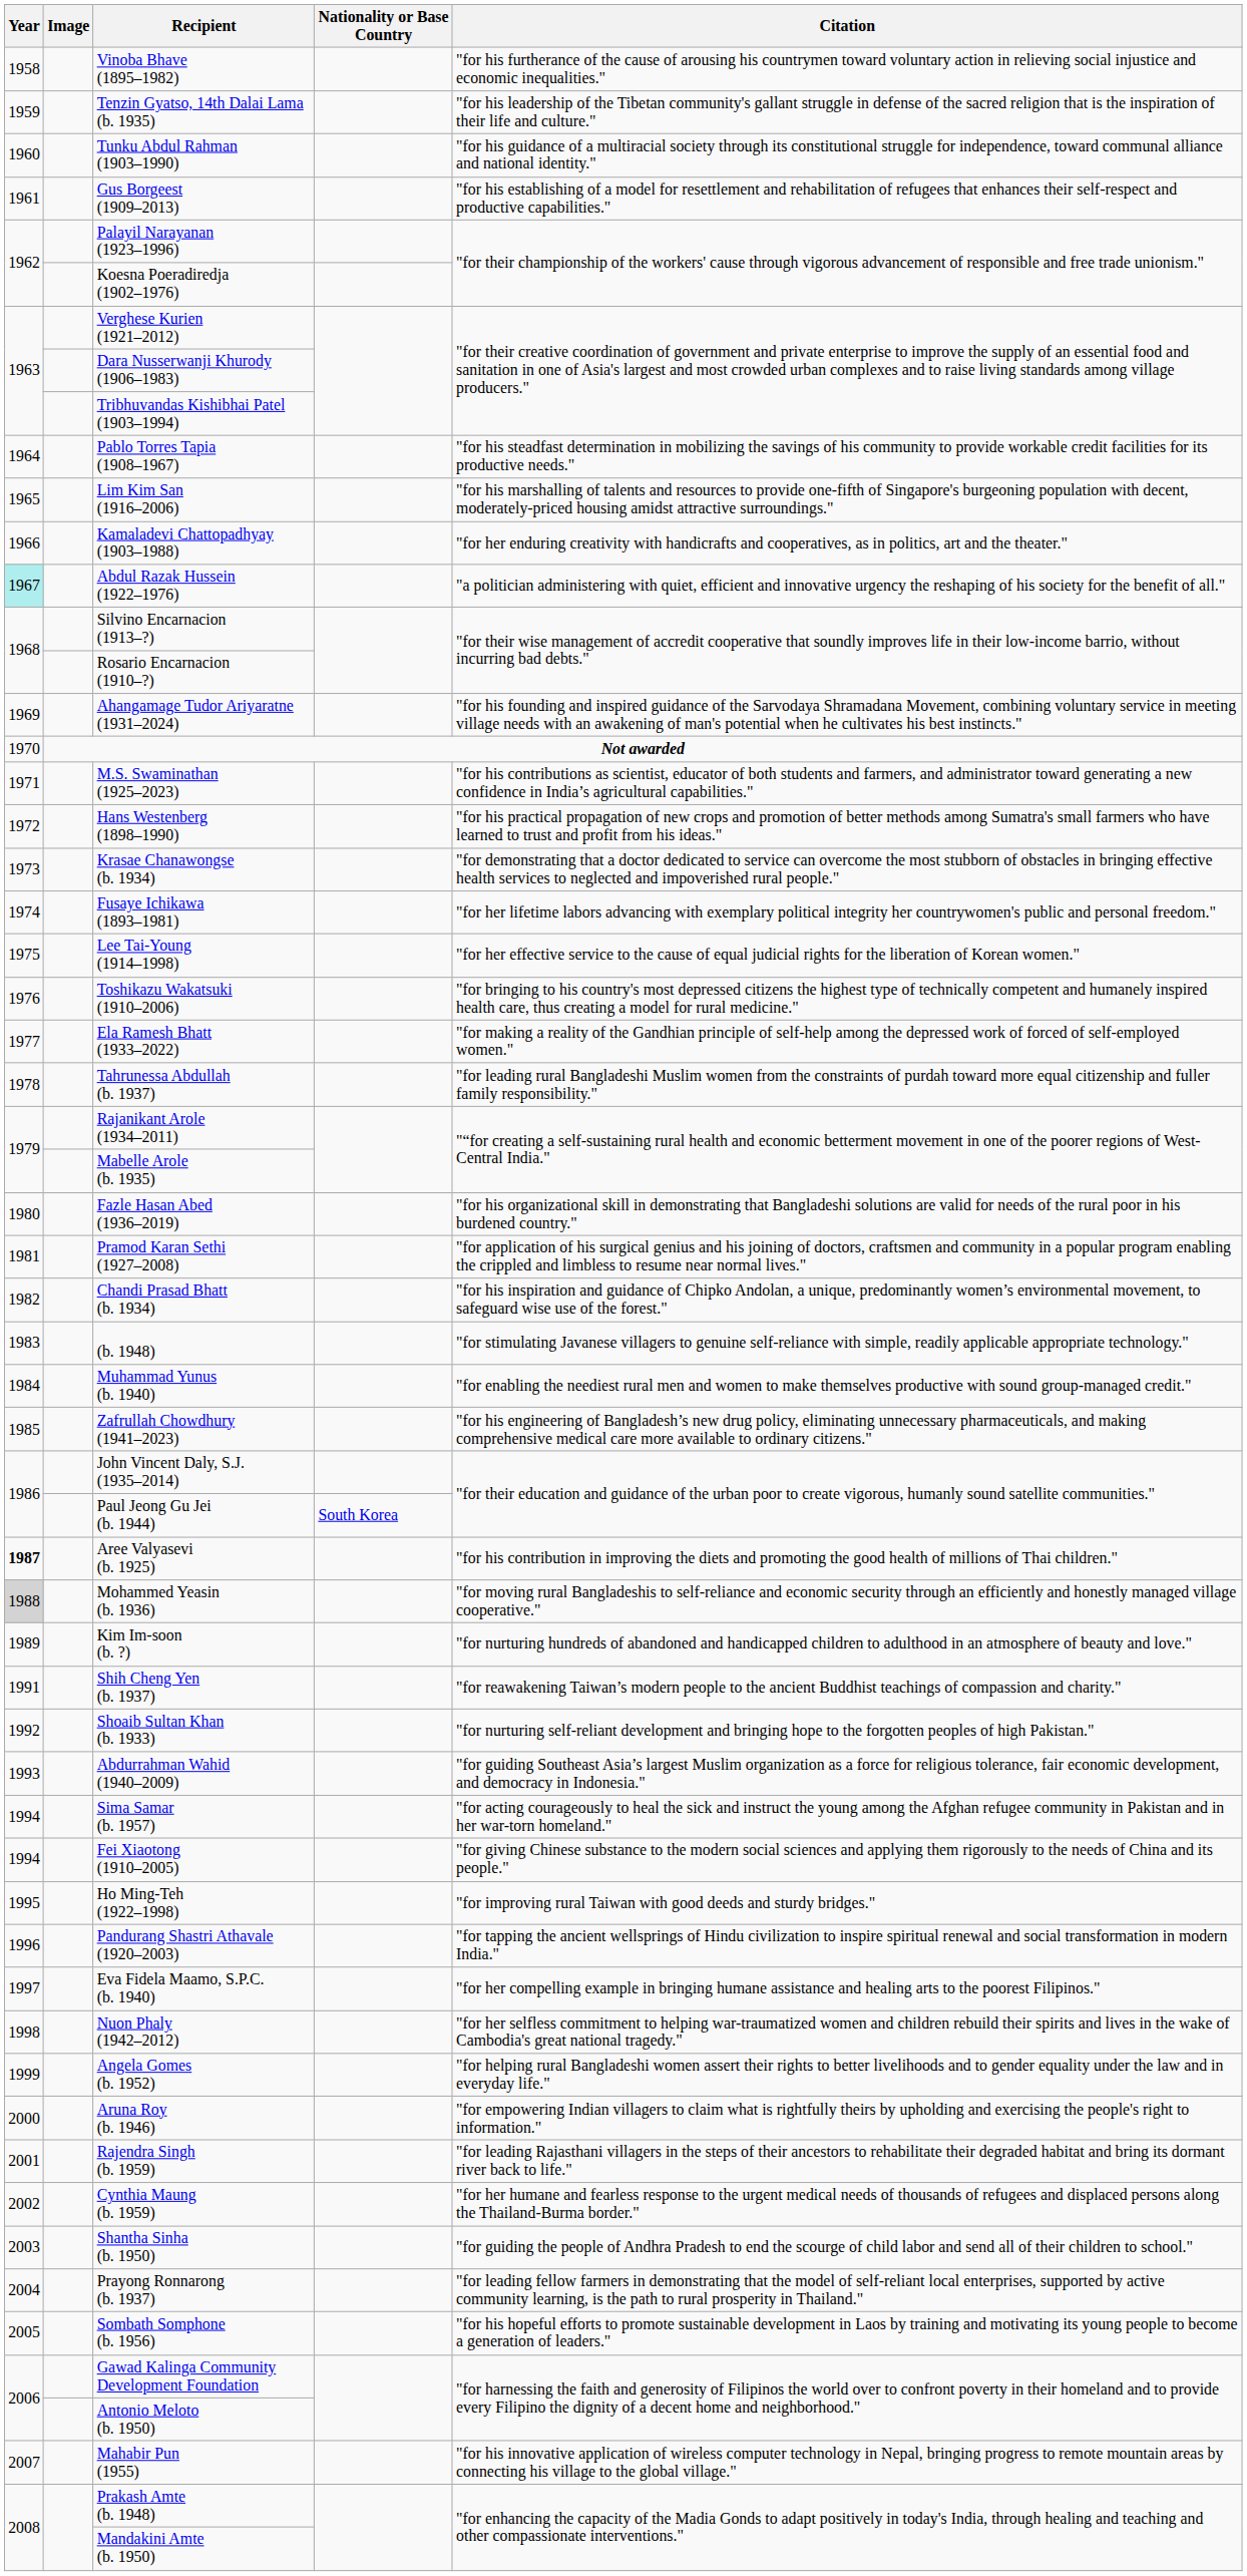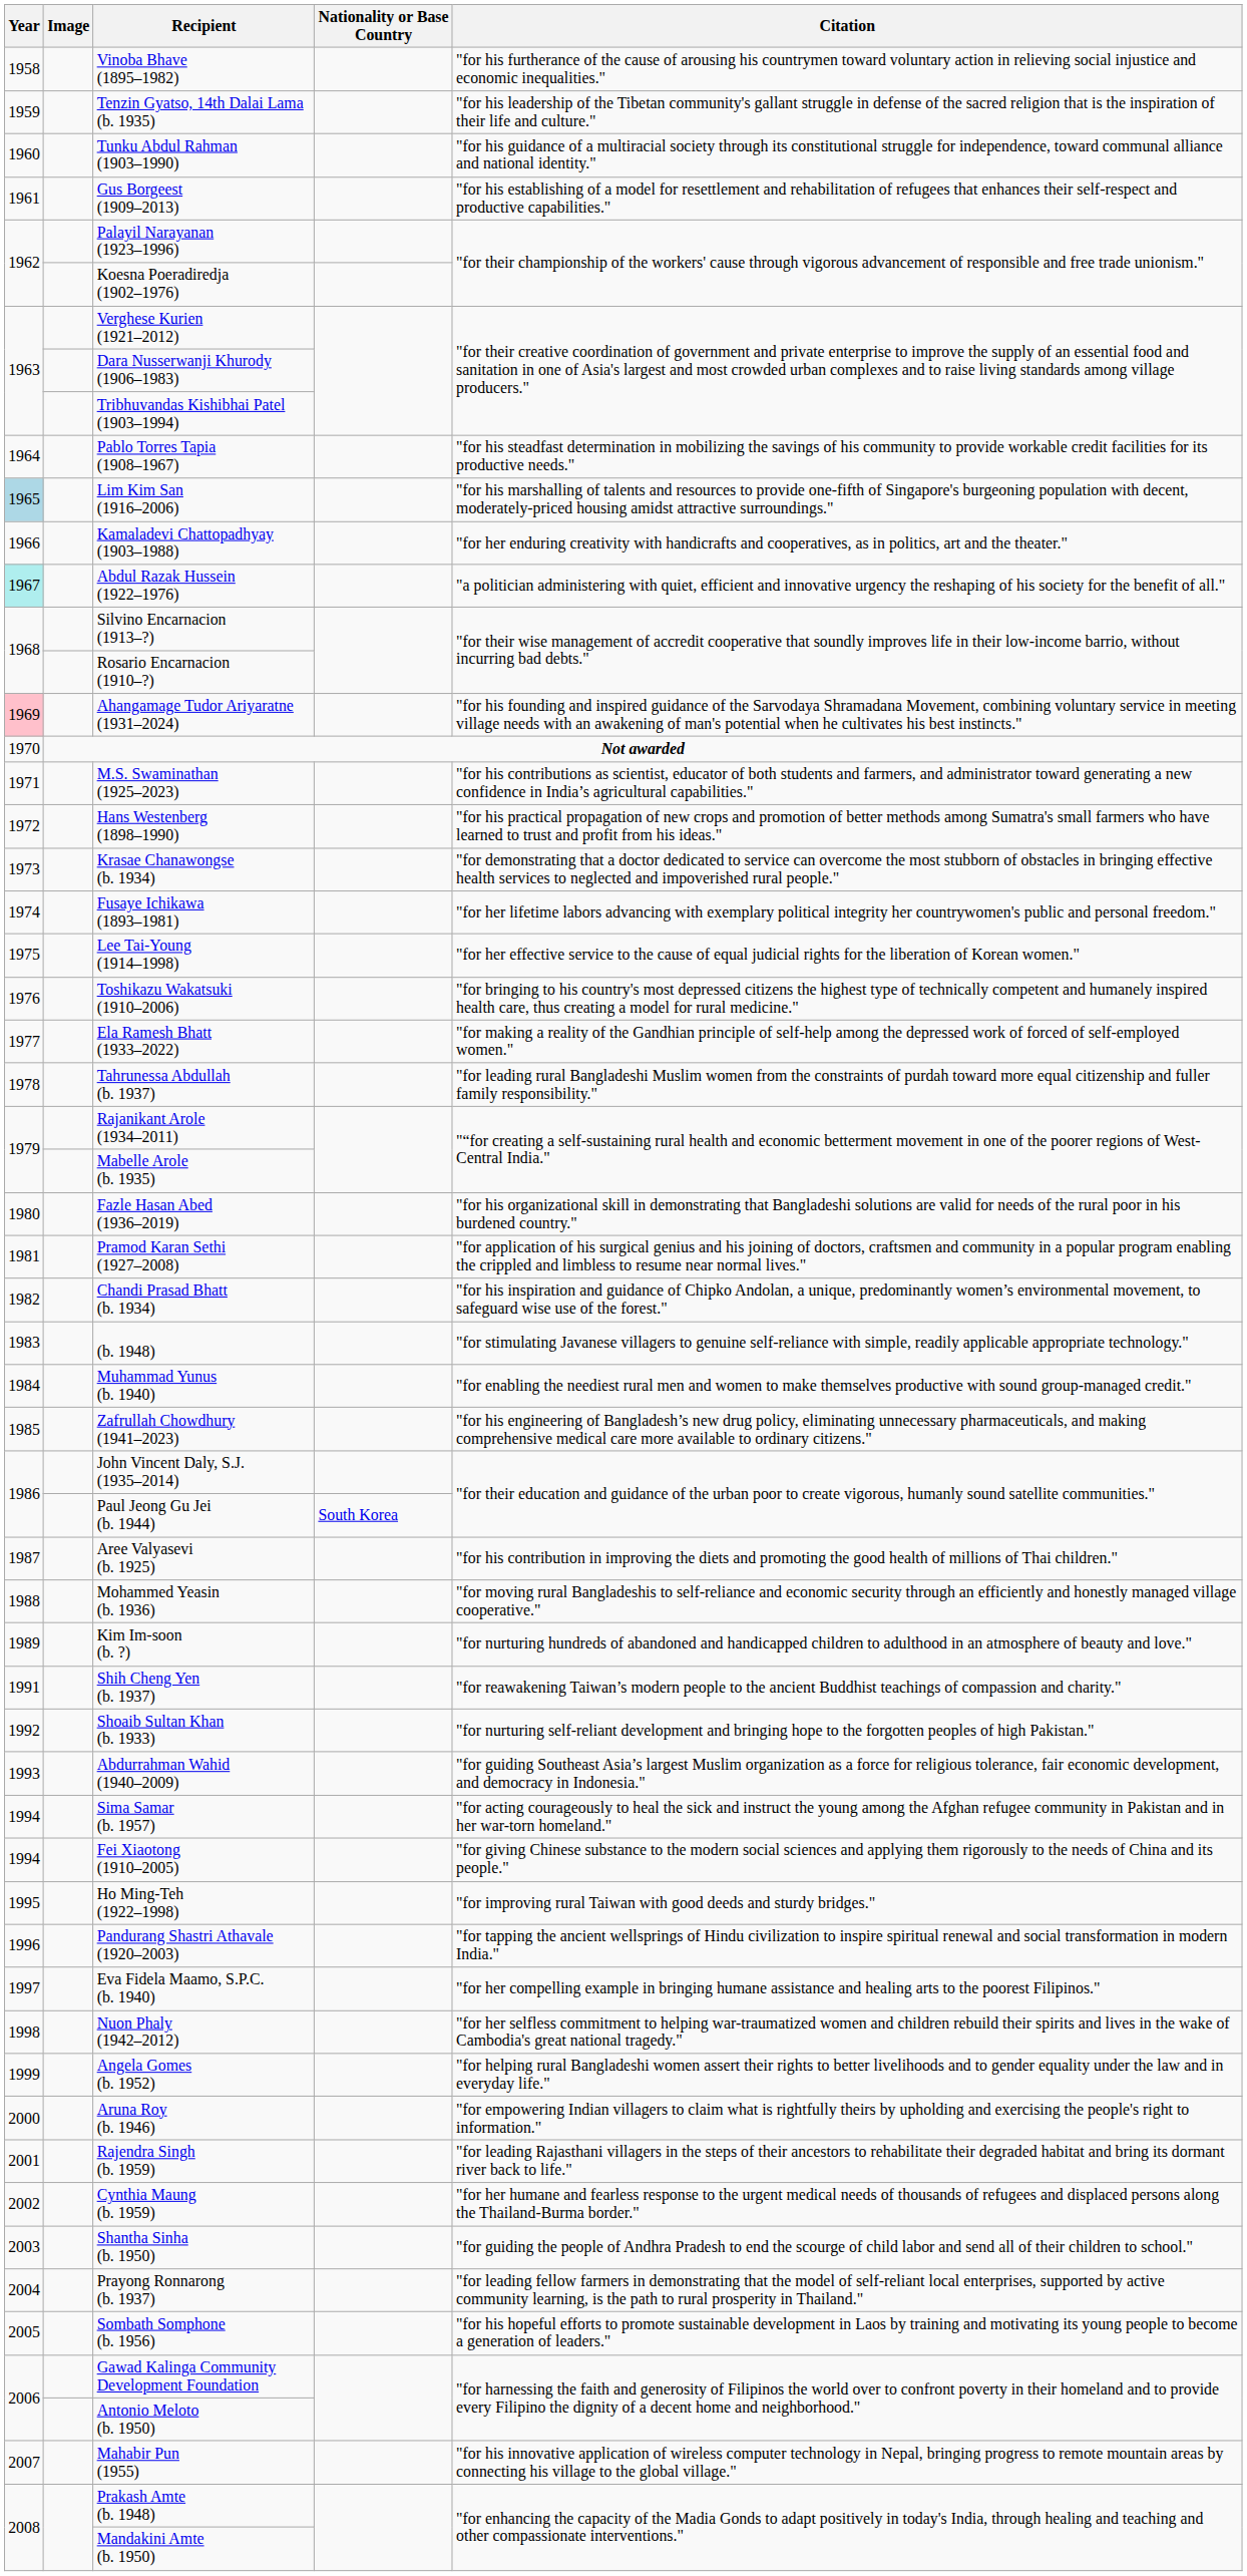 <table class="wikitable sortable" border="1">
 <tr>
 <th>Year</th>
 <th>Image</th>
 <th>Recipient</th>
 <th>Nationality or Base Country</th>
 <th>Citation</th>
 </tr>
 <tr>
 <td>1958</td>
 <td></td>
 <td><a href='#'>Vinoba Bhave</a><br>(1895–1982)</td>
 <td></td>
 <td>"for his furtherance of the cause of arousing his countrymen toward voluntary action in relieving social injustice and economic inequalities."</td>
 </tr>
 <tr>
 <td>1959</td>
 <td></td>
 <td><a href='#'>Tenzin Gyatso, 14th Dalai Lama</a><br>(b. 1935)</td>
 <td></td>
 <td>"for his leadership of the Tibetan community's gallant struggle in defense of the sacred religion that is the inspiration of their life and culture."</td>
 </tr>
 <tr>
 <td>1960</td>
 <td></td>
 <td><a href='#'>Tunku Abdul Rahman</a><br>(1903–1990)</td>
 <td></td>
 <td>"for his guidance of a multiracial society through its constitutional struggle for independence, toward communal alliance and national identity."</td>
 </tr>
 <tr>
 <td>1961</td>
 <td></td>
 <td><a href='#'>Gus Borgeest</a><br>(1909–2013)</td>
 <td><br></td>
 <td>"for his establishing of a model for resettlement and rehabilitation of refugees that enhances their self-respect and productive capabilities."</td>
 </tr>
 <tr>
 <td rowspan="2">1962</td>
 <td></td>
 <td><a href='#'>Palayil Narayanan</a><br>(1923–1996)</td>
 <td></td>
 <td rowspan="2">"for their championship of the workers' cause through vigorous advancement of responsible and free trade unionism."</td>
 </tr>
 <tr>
 <td></td>
 <td>Koesna Poeradiredja<br>(1902–1976)</td>
 <td></td>
 </tr>
 <tr>
 <td rowspan="3">1963</td>
 <td></td>
 <td><a href='#'>Verghese Kurien</a><br>(1921–2012)</td>
 <td rowspan="3"></td>
 <td rowspan="3">"for their creative coordination of government and private enterprise to improve the supply of an essential food and sanitation in one of Asia's largest and most crowded urban complexes and to raise living standards among village producers."</td>
 </tr>
 <tr>
 <td></td>
 <td><a href='#'>Dara Nusserwanji Khurody</a><br>(1906–1983)</td>
 </tr>
 <tr>
 <td></td>
 <td><a href='#'>Tribhuvandas Kishibhai Patel</a><br>(1903–1994)</td>
 </tr>
 <tr>
 <td>1964</td>
 <td></td>
 <td><a href='#'>Pablo Torres Tapia</a><br>(1908–1967)</td>
 <td></td>
 <td>"for his steadfast determination in mobilizing the savings of his community to provide workable credit facilities for its productive needs."</td>
 </tr>
 <tr>
-<td>1965</td>
+<td style="background: lightblue;">1965</td>
 <td></td>
 <td><a href='#'>Lim Kim San</a><br>(1916–2006)</td>
 <td></td>
 <td>"for his marshalling of talents and resources to provide one-fifth of Singapore's burgeoning population with decent, moderately-priced housing amidst attractive surroundings."</td>
 </tr>
 <tr>
 <td>1966</td>
 <td></td>
 <td><a href='#'>Kamaladevi Chattopadhyay</a><br>(1903–1988)</td>
 <td></td>
 <td>"for her enduring creativity with handicrafts and cooperatives, as in politics, art and the theater."</td>
 </tr>
 <tr>
 <td style="background: paleturquoise;">1967</td>
 <td></td>
 <td><a href='#'>Abdul Razak Hussein</a><br>(1922–1976)</td>
 <td></td>
 <td>"a politician administering with quiet, efficient and innovative urgency the reshaping of his society for the benefit of all."</td>
 </tr>
 <tr>
 <td rowspan="2">1968</td>
 <td></td>
 <td>Silvino Encarnacion<br>(1913–?)</td>
 <td rowspan="2"></td>
 <td rowspan="2">"for their wise management of accredit cooperative that soundly improves life in their low-income barrio, without incurring bad debts."</td>
 </tr>
 <tr>
 <td></td>
 <td>Rosario Encarnacion<br>(1910–?)</td>
 </tr>
 <tr>
-<td>1969</td>
+<td style="background: pink;">1969</td>
 <td></td>
 <td><a href='#'>Ahangamage Tudor Ariyaratne</a><br>(1931–2024)</td>
 <td></td>
 <td>"for his founding and inspired guidance of the Sarvodaya Shramadana Movement, combining voluntary service in meeting village needs with an awakening of man's potential when he cultivates his best instincts."</td>
 </tr>
 <tr>
 <td>1970</td>
 <td colspan="4" align="center"><strong><em>Not awarded</em></strong></td>
 </tr>
 <tr>
 <td>1971</td>
 <td></td>
 <td><a href='#'>M.S. Swaminathan</a><br>(1925–2023)</td>
 <td></td>
 <td>"for his contributions as scientist, educator of both students and farmers, and administrator toward generating a new confidence in India’s agricultural capabilities."</td>
 </tr>
 <tr>
 <td>1972</td>
 <td></td>
 <td><a href='#'>Hans Westenberg</a><br>(1898–1990)</td>
 <td><br></td>
 <td>"for his practical propagation of new crops and promotion of better methods among Sumatra's small farmers who have learned to trust and profit from his ideas."</td>
 </tr>
 <tr>
 <td>1973</td>
 <td></td>
 <td><a href='#'>Krasae Chanawongse</a><br>(b. 1934)</td>
 <td></td>
 <td>"for demonstrating that a doctor dedicated to service can overcome the most stubborn of obstacles in bringing effective health services to neglected and impoverished rural people."</td>
 </tr>
 <tr>
 <td>1974</td>
 <td></td>
 <td><a href='#'>Fusaye Ichikawa</a><br>(1893–1981)</td>
 <td></td>
 <td>"for her lifetime labors advancing with exemplary political integrity her countrywomen's public and personal freedom."</td>
 </tr>
 <tr>
 <td>1975</td>
 <td></td>
 <td><a href='#'>Lee Tai-Young</a><br>(1914–1998)</td>
 <td></td>
 <td>"for her effective service to the cause of equal judicial rights for the liberation of Korean women."</td>
 </tr>
 <tr>
 <td>1976</td>
 <td></td>
 <td><a href='#'>Toshikazu Wakatsuki</a><br>(1910–2006)</td>
 <td></td>
 <td>"for bringing to his country's most depressed citizens the highest type of technically competent and humanely inspired health care, thus creating a model for rural medicine."</td>
 </tr>
 <tr>
 <td>1977</td>
 <td></td>
 <td><a href='#'>Ela Ramesh Bhatt</a><br>(1933–2022)</td>
 <td></td>
 <td>"for making a reality of the Gandhian principle of self-help among the depressed work of forced of self-employed women."</td>
 </tr>
 <tr>
 <td>1978</td>
 <td></td>
 <td><a href='#'>Tahrunessa Abdullah</a><br>(b. 1937)</td>
 <td></td>
 <td>"for leading rural Bangladeshi Muslim women from the constraints of purdah toward more equal citizenship and fuller family responsibility."</td>
 </tr>
 <tr>
 <td rowspan="2">1979</td>
 <td></td>
 <td><a href='#'>Rajanikant Arole</a><br>(1934–2011)</td>
 <td rowspan="2"></td>
 <td rowspan="2">"“for creating a self-sustaining rural health and economic betterment movement in one of the poorer regions of West-Central India."</td>
 </tr>
 <tr>
 <td></td>
 <td><a href='#'>Mabelle Arole</a><br>(b. 1935)</td>
 </tr>
 <tr>
 <td>1980</td>
 <td></td>
 <td><a href='#'>Fazle Hasan Abed</a><br>(1936–2019)</td>
 <td></td>
 <td>"for his organizational skill in demonstrating that Bangladeshi solutions are valid for needs of the rural poor in his burdened country."</td>
 </tr>
 <tr>
 <td>1981</td>
 <td></td>
 <td><a href='#'>Pramod Karan Sethi</a><br>(1927–2008)</td>
 <td></td>
 <td>"for application of his surgical genius and his joining of doctors, craftsmen and community in a popular program enabling the crippled and limbless to resume near normal lives."</td>
 </tr>
 <tr>
 <td>1982</td>
 <td></td>
 <td><a href='#'>Chandi Prasad Bhatt</a><br>(b. 1934)</td>
 <td></td>
 <td>"for his inspiration and guidance of Chipko Andolan, a unique, predominantly women’s environmental movement, to safeguard wise use of the forest."</td>
 </tr>
 <tr>
 <td>1983</td>
 <td></td>
 <td><br>(b. 1948)</td>
 <td></td>
 <td>"for stimulating Javanese villagers to genuine self-reliance with simple, readily applicable appropriate technology."</td>
 </tr>
 <tr>
 <td>1984</td>
 <td></td>
 <td><a href='#'>Muhammad Yunus</a><br>(b. 1940)</td>
 <td></td>
 <td>"for enabling the neediest rural men and women to make themselves productive with sound group-managed credit."</td>
 </tr>
 <tr>
 <td>1985</td>
 <td></td>
 <td><a href='#'>Zafrullah Chowdhury</a><br>(1941–2023)</td>
 <td></td>
 <td>"for his engineering of Bangladesh’s new drug policy, eliminating unnecessary pharmaceuticals, and making comprehensive medical care more available to ordinary citizens."</td>
 </tr>
 <tr>
 <td rowspan="2">1986</td>
 <td></td>
 <td>John Vincent Daly, S.J.<br>(1935–2014)</td>
 <td><br></td>
 <td rowspan="2">"for their education and guidance of the urban poor to create vigorous, humanly sound satellite communities."</td>
 </tr>
 <tr>
 <td></td>
 <td>Paul Jeong Gu Jei<br>(b. 1944)</td>
 <td><a href='#'>South Korea</a></td>
 </tr>
 <tr>
-<td><strong>1987</strong></td>
+<td>1987</td>
 <td></td>
 <td>Aree Valyasevi<br>(b. 1925)</td>
 <td></td>
 <td>"for his contribution in improving the diets and promoting the good health of millions of Thai children."</td>
 </tr>
 <tr>
-<td style="background: lightgrey;">1988</td>
+<td>1988</td>
 <td></td>
 <td>Mohammed Yeasin<br>(b. 1936)</td>
 <td></td>
 <td>"for moving rural Bangladeshis to self-reliance and economic security through an efficiently and honestly managed village cooperative."</td>
 </tr>
 <tr>
 <td>1989</td>
 <td></td>
 <td>Kim Im-soon<br>(b. ?)</td>
 <td></td>
 <td>"for nurturing hundreds of abandoned and handicapped children to adulthood in an atmosphere of beauty and love."</td>
 </tr>
 <tr>
 <td>1991</td>
 <td></td>
 <td><a href='#'>Shih Cheng Yen</a><br>(b. 1937)</td>
 <td></td>
 <td>"for reawakening Taiwan’s modern people to the ancient Buddhist teachings of compassion and charity."</td>
 </tr>
 <tr>
 <td>1992</td>
 <td></td>
 <td><a href='#'>Shoaib Sultan Khan</a><br>(b. 1933)</td>
 <td></td>
 <td>"for nurturing self-reliant development and bringing hope to the forgotten peoples of high Pakistan."</td>
 </tr>
 <tr>
 <td>1993</td>
 <td></td>
 <td><a href='#'>Abdurrahman Wahid</a><br>(1940–2009)</td>
 <td></td>
 <td>"for guiding Southeast Asia’s largest Muslim organization as a force for religious tolerance, fair economic development, and democracy in Indonesia."</td>
 </tr>
 <tr>
 <td>1994</td>
 <td></td>
 <td><a href='#'>Sima Samar</a><br>(b. 1957)</td>
 <td></td>
 <td>"for acting courageously to heal the sick and instruct the young among the Afghan refugee community in Pakistan and in her war-torn homeland."</td>
 </tr>
 <tr>
 <td>1994</td>
 <td></td>
 <td><a href='#'>Fei Xiaotong</a><br>(1910–2005)</td>
 <td></td>
 <td>"for giving Chinese substance to the modern social sciences and applying them rigorously to the needs of China and its people."</td>
 </tr>
 <tr>
 <td>1995</td>
 <td></td>
 <td>Ho Ming-Teh<br>(1922–1998)</td>
 <td></td>
 <td>"for improving rural Taiwan with good deeds and sturdy bridges."</td>
 </tr>
 <tr>
 <td>1996</td>
 <td></td>
 <td><a href='#'>Pandurang Shastri Athavale</a><br>(1920–2003)</td>
 <td></td>
 <td>"for tapping the ancient wellsprings of Hindu civilization to inspire spiritual renewal and social transformation in modern India."</td>
 </tr>
 <tr>
 <td>1997</td>
 <td></td>
 <td>Eva Fidela Maamo, S.P.C.<br>(b. 1940)</td>
 <td></td>
 <td>"for her compelling example in bringing humane assistance and healing arts to the poorest Filipinos."</td>
 </tr>
 <tr>
 <td>1998</td>
 <td></td>
 <td><a href='#'>Nuon Phaly</a><br>(1942–2012)</td>
 <td></td>
 <td>"for her selfless commitment to helping war-traumatized women and children rebuild their spirits and lives in the wake of Cambodia's great national tragedy."</td>
 </tr>
 <tr>
 <td>1999</td>
 <td></td>
 <td><a href='#'>Angela Gomes</a><br>(b. 1952)</td>
 <td></td>
 <td>"for helping rural Bangladeshi women assert their rights to better livelihoods and to gender equality under the law and in everyday life."</td>
 </tr>
 <tr>
 <td>2000</td>
 <td></td>
 <td><a href='#'>Aruna Roy</a><br>(b. 1946)</td>
 <td></td>
 <td>"for empowering Indian villagers to claim what is rightfully theirs by upholding and exercising the people's right to information."</td>
 </tr>
 <tr>
 <td>2001</td>
 <td></td>
 <td><a href='#'>Rajendra Singh</a><br>(b. 1959)</td>
 <td></td>
 <td>"for leading Rajasthani villagers in the steps of their ancestors to rehabilitate their degraded habitat and bring its dormant river back to life."</td>
 </tr>
 <tr>
 <td>2002</td>
 <td></td>
 <td><a href='#'>Cynthia Maung</a><br>(b. 1959)</td>
 <td></td>
 <td>"for her humane and fearless response to the urgent medical needs of thousands of refugees and displaced persons along the Thailand-Burma border."</td>
 </tr>
 <tr>
 <td>2003</td>
 <td></td>
 <td><a href='#'>Shantha Sinha</a><br>(b. 1950)</td>
 <td></td>
 <td>"for guiding the people of Andhra Pradesh to end the scourge of child labor and send all of their children to school."</td>
 </tr>
 <tr>
 <td>2004</td>
 <td></td>
 <td>Prayong Ronnarong<br>(b. 1937)</td>
 <td></td>
 <td>"for leading fellow farmers in demonstrating that the model of self-reliant local enterprises, supported by active community learning, is the path to rural prosperity in Thailand."</td>
 </tr>
 <tr>
 <td>2005</td>
 <td></td>
 <td><a href='#'>Sombath Somphone</a><br>(b. 1956)</td>
 <td></td>
 <td>"for his hopeful efforts to promote sustainable development in Laos by training and motivating its young people to become a generation of leaders."</td>
 </tr>
 <tr>
 <td rowspan="2">2006</td>
 <td></td>
 <td><a href='#'>Gawad Kalinga Community Development Foundation</a></td>
 <td rowspan="2"></td>
 <td rowspan="2">"for harnessing the faith and generosity of Filipinos the world over to confront poverty in their homeland and to provide every Filipino the dignity of a decent home and neighborhood."</td>
 </tr>
 <tr>
 <td></td>
 <td><a href='#'>Antonio Meloto</a><br>(b. 1950)</td>
 </tr>
 <tr>
 <td>2007</td>
 <td></td>
 <td><a href='#'>Mahabir Pun</a><br>(1955)</td>
 <td></td>
 <td>"for his innovative application of wireless computer technology in Nepal, bringing progress to remote mountain areas by connecting his village to the global village."</td>
 </tr>
 <tr>
 <td rowspan="2">2008</td>
 <td rowspan="2"></td>
 <td><a href='#'>Prakash Amte</a><br>(b. 1948)</td>
 <td rowspan="2"></td>
 <td rowspan="2">"for enhancing the capacity of the Madia Gonds to adapt positively in today's India, through healing and teaching and other compassionate interventions."</td>
 </tr>
 <tr>
 <td><a href='#'>Mandakini Amte</a><br>(b. 1950)</td>
 </tr>
 </table>
